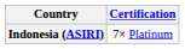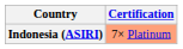 <table class="wikitable plainrowheaders">
 <tr>
 <th scope="col">Country</th>
 <th scope="col"><a href='#'>Certification</a></th>
 </tr>
 <tr>
 <th scope="row">Indonesia (<a href='#'>ASIRI</a>)</th>
-<td style="text-align:center;">7× <a href='#'>Platinum</a></td>
+<td style="background: lightsalmon; text-align:center;">7× <a href='#'>Platinum</a></td>
 </tr>
 </table>
